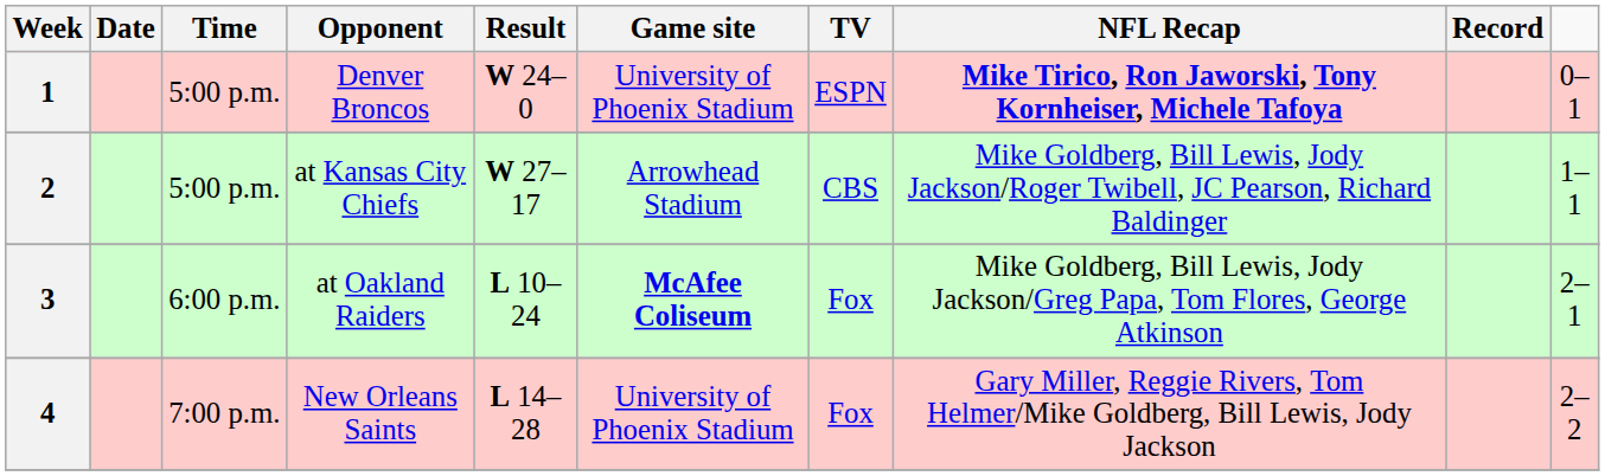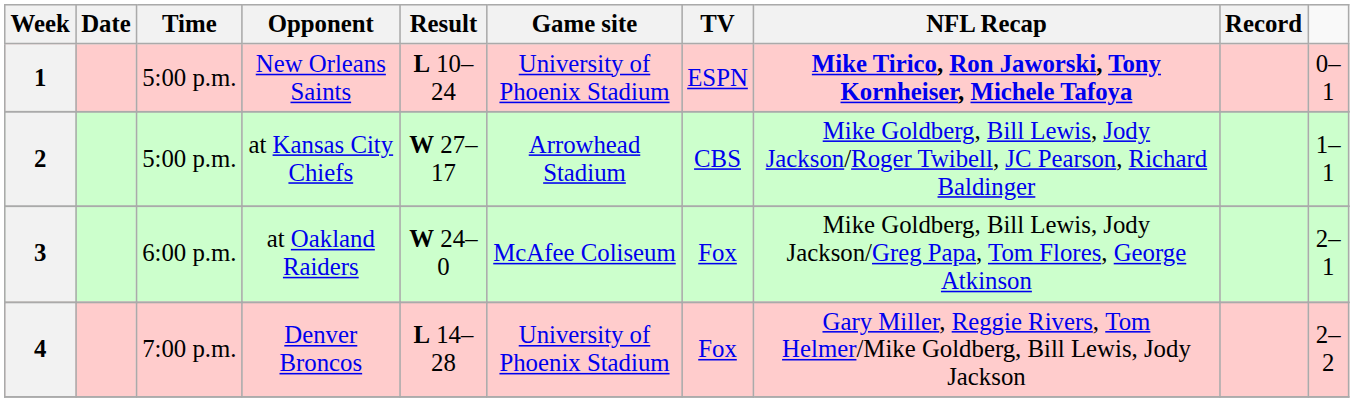 <table class="wikitable" style="text-align:center;">
 <tr>
 <th>Week</th>
 <th>Date</th>
 <th>Time</th>
 <th>Opponent</th>
 <th>Result</th>
 <th>Game site</th>
 <th>TV</th>
 <th>NFL Recap</th>
 <th>Record</th>
 </tr>
 <tr bgcolor="#fcc">
 <th>1</th>
 <td></td>
 <td>5:00 p.m.</td>
-<td><a href='#'>Denver Broncos</a></td>
-<td><strong>W</strong> 24–0</td>
+<td><a href='#'>New Orleans Saints</a></td>
+<td><strong>L</strong> 10–24</td>
 <td><a href='#'>University of Phoenix Stadium</a></td>
 <td><a href='#'>ESPN</a></td>
 <td><strong><a href='#'>Mike Tirico</a>, <a href='#'>Ron Jaworski</a>, <a href='#'>Tony Kornheiser</a>, <a href='#'>Michele Tafoya</a></strong></td>
 <td></td>
 <td>0–1</td>
 </tr>
 <tr bgcolor="#fcc">
 </tr>
 <tr>
 </tr>
 <tr bgcolor="#cfc">
 <th>2</th>
 <td></td>
 <td>5:00 p.m.</td>
 <td>at <a href='#'>Kansas City Chiefs</a></td>
 <td><strong>W</strong> 27–17</td>
 <td><a href='#'>Arrowhead Stadium</a></td>
 <td><a href='#'>CBS</a></td>
 <td><a href='#'>Mike Goldberg</a>, <a href='#'>Bill Lewis</a>, <a href='#'>Jody Jackson</a>/<a href='#'>Roger Twibell</a>, <a href='#'>JC Pearson</a>, <a href='#'>Richard Baldinger</a></td>
 <td></td>
 <td>1–1</td>
 </tr>
 <tr bgcolor="#cfc">
 </tr>
 <tr>
 </tr>
 <tr bgcolor="#cfc">
 <th>3</th>
 <td></td>
 <td>6:00 p.m.</td>
 <td>at <a href='#'>Oakland Raiders</a></td>
-<td><strong>L</strong> 10–24</td>
-<td><strong><a href='#'>McAfee Coliseum</a></strong></td>
+<td><strong>W</strong> 24–0</td>
+<td><a href='#'>McAfee Coliseum</a></td>
 <td><a href='#'>Fox</a></td>
 <td>Mike Goldberg, Bill Lewis, Jody Jackson/<a href='#'>Greg Papa</a>, <a href='#'>Tom Flores</a>, <a href='#'>George Atkinson</a></td>
 <td></td>
 <td>2–1</td>
 </tr>
 <tr bgcolor="#cfc">
 </tr>
 <tr>
 </tr>
 <tr bgcolor="#fcc">
 <th>4</th>
 <td></td>
 <td>7:00 p.m.</td>
-<td><a href='#'>New Orleans Saints</a></td>
+<td><a href='#'>Denver Broncos</a></td>
 <td><strong>L</strong> 14–28</td>
 <td><a href='#'>University of Phoenix Stadium</a></td>
 <td><a href='#'>Fox</a></td>
 <td><a href='#'>Gary Miller</a>, <a href='#'>Reggie Rivers</a>, <a href='#'>Tom Helmer</a>/Mike Goldberg, Bill Lewis, Jody Jackson</td>
 <td></td>
 <td>2–2</td>
 </tr>
 <tr bgcolor="#fcc">
 </tr>
 </table>
